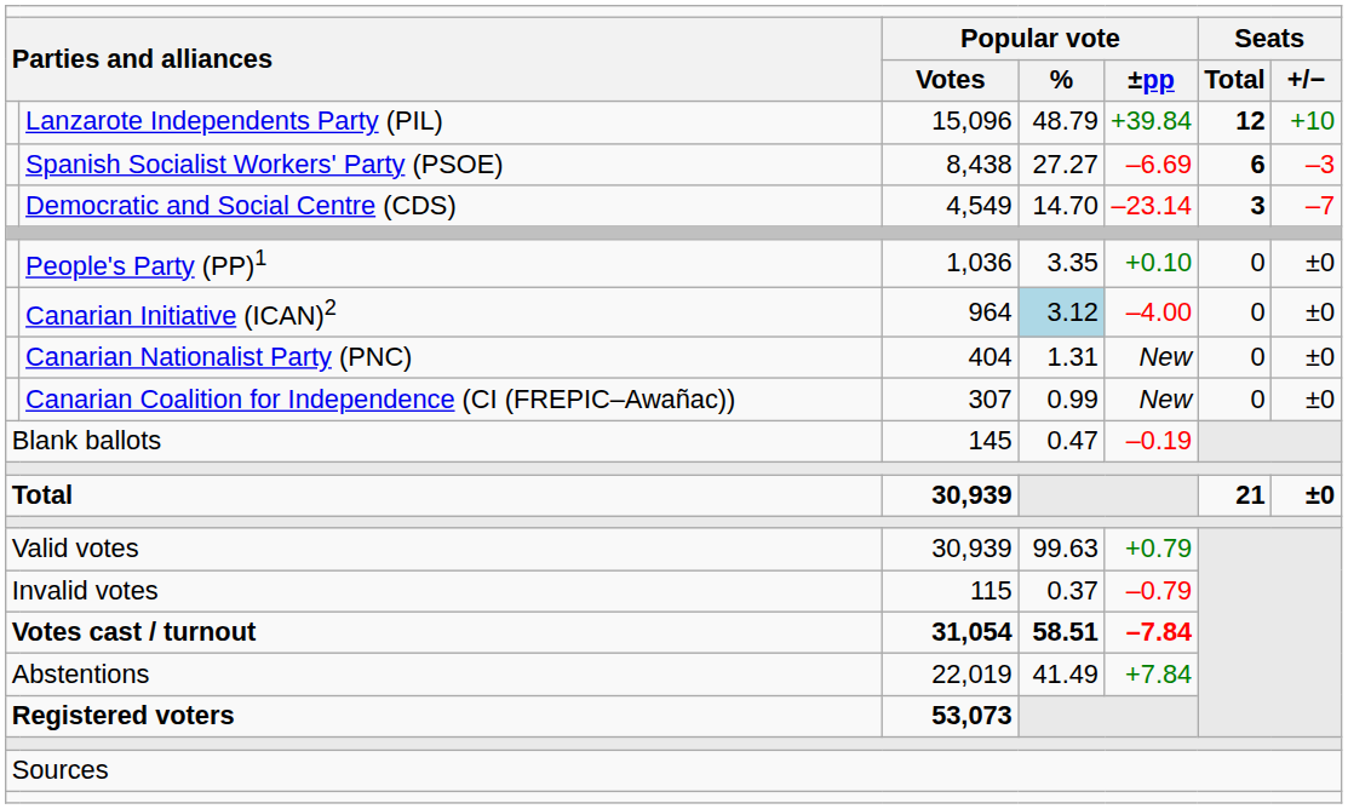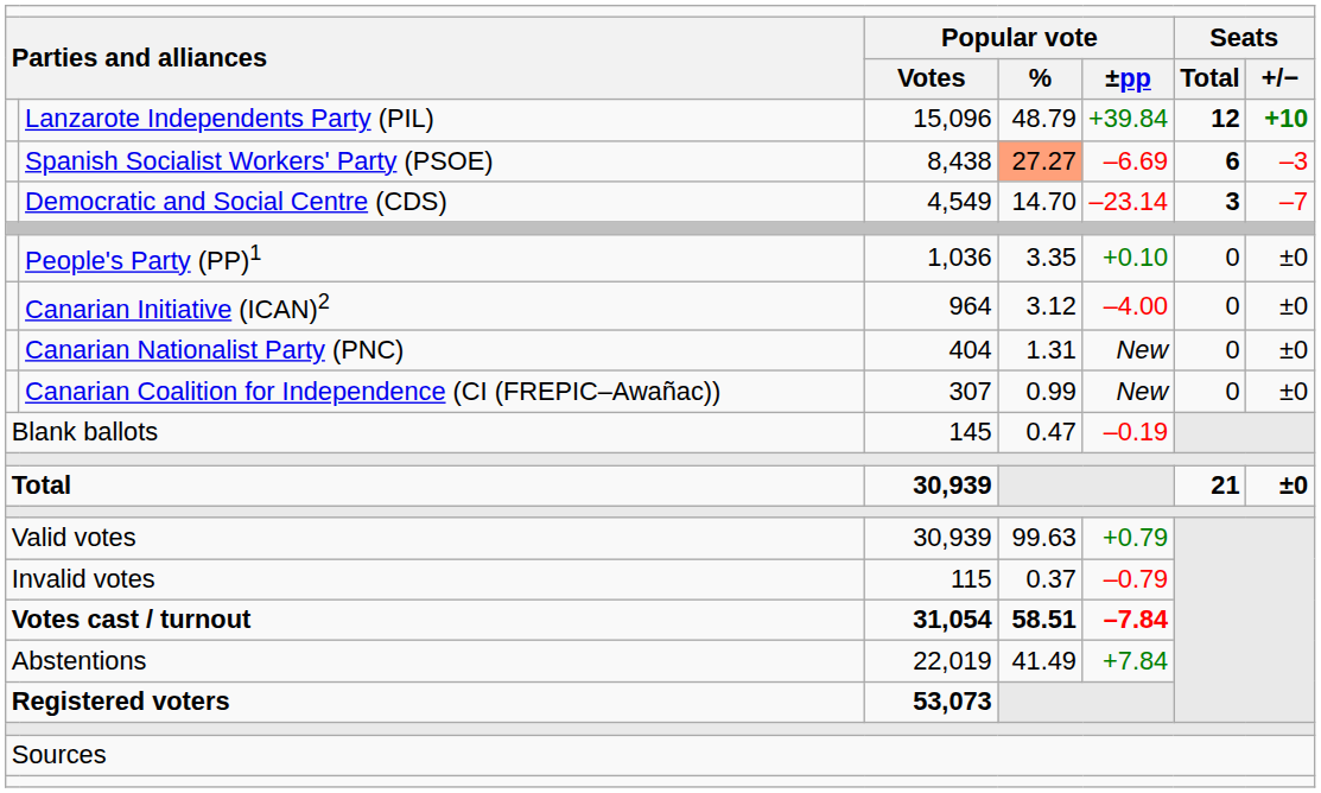 <table class="wikitable" style="text-align:right;">
 <tr>
 <td colspan="7"></td>
 </tr>
 <tr>
 <th style="text-align:left;" rowspan="2" colspan="2" width="525">Parties and alliances</th>
 <th colspan="3">Popular vote</th>
 <th colspan="2">Seats</th>
 </tr>
 <tr>
 <th width="75">Votes</th>
 <th width="45">%</th>
 <th width="45">±<a href='#'>pp</a></th>
 <th width="35">Total</th>
 <th width="35">+/−</th>
 </tr>
 <tr>
 <td width="1" style="color:inherit;background:"></td>
 <td align="left"><a href='#'>Lanzarote Independents Party</a> (PIL)</td>
 <td>15,096</td>
 <td>48.79</td>
 <td style="color:green;">+39.84</td>
 <td><strong>12</strong></td>
-<td style="color:green;">+10</td>
+<td style="color:green;"><strong>+10</strong></td>
 </tr>
 <tr>
 <td style="color:inherit;background:"></td>
 <td align="left"><a href='#'>Spanish Socialist Workers' Party</a> (PSOE)</td>
 <td>8,438</td>
-<td>27.27</td>
+<td style="background: lightsalmon;">27.27</td>
 <td style="color:red;">–6.69</td>
 <td><strong>6</strong></td>
 <td style="color:red;">–3</td>
 </tr>
 <tr>
 <td style="color:inherit;background:"></td>
 <td align="left"><a href='#'>Democratic and Social Centre</a> (CDS)</td>
 <td>4,549</td>
 <td>14.70</td>
 <td style="color:red;">–23.14</td>
 <td><strong>3</strong></td>
 <td style="color:red;">–7</td>
 </tr>
 <tr>
 <td colspan="7" bgcolor="#C0C0C0"></td>
 </tr>
 <tr>
 <td style="color:inherit;background:"></td>
 <td align="left"><a href='#'>People's Party</a> (PP)<sup>1</sup></td>
 <td>1,036</td>
 <td>3.35</td>
 <td style="color:green;">+0.10</td>
 <td>0</td>
 <td>±0</td>
 </tr>
 <tr>
 <td style="color:inherit;background:"></td>
 <td align="left"><a href='#'>Canarian Initiative</a> (ICAN)<sup>2</sup></td>
 <td>964</td>
-<td style="background: lightblue;">3.12</td>
+<td>3.12</td>
 <td style="color:red;">–4.00</td>
 <td>0</td>
 <td>±0</td>
 </tr>
 <tr>
 <td style="color:inherit;background:"></td>
 <td align="left"><a href='#'>Canarian Nationalist Party</a> (PNC)</td>
 <td>404</td>
 <td>1.31</td>
 <td><em>New</em></td>
 <td>0</td>
 <td>±0</td>
 </tr>
 <tr>
 <td style="color:inherit;background:"></td>
 <td align="left"><a href='#'>Canarian Coalition for Independence</a> (CI (FREPIC–Awañac))</td>
 <td>307</td>
 <td>0.99</td>
 <td><em>New</em></td>
 <td>0</td>
 <td>±0</td>
 </tr>
 <tr>
 <td align="left" colspan="2">Blank ballots</td>
 <td>145</td>
 <td>0.47</td>
 <td style="color:red;">–0.19</td>
 <td bgcolor="#E9E9E9" colspan="2"></td>
 </tr>
 <tr>
 <td colspan="7" bgcolor="#E9E9E9"></td>
 </tr>
 <tr style="font-weight:bold;">
 <td align="left" colspan="2">Total</td>
 <td>30,939</td>
 <td bgcolor="#E9E9E9" colspan="2"></td>
 <td>21</td>
 <td>±0</td>
 </tr>
 <tr>
 <td colspan="7" bgcolor="#E9E9E9"></td>
 </tr>
 <tr>
 <td align="left" colspan="2">Valid votes</td>
 <td>30,939</td>
 <td>99.63</td>
 <td style="color:green;">+0.79</td>
 <td bgcolor="#E9E9E9" colspan="2" rowspan="5"></td>
 </tr>
 <tr>
 <td align="left" colspan="2">Invalid votes</td>
 <td>115</td>
 <td>0.37</td>
 <td style="color:red;">–0.79</td>
 </tr>
 <tr style="font-weight:bold;">
 <td align="left" colspan="2">Votes cast / turnout</td>
 <td>31,054</td>
 <td>58.51</td>
 <td style="color:red;">–7.84</td>
 </tr>
 <tr>
 <td align="left" colspan="2">Abstentions</td>
 <td>22,019</td>
 <td>41.49</td>
 <td style="color:green;">+7.84</td>
 </tr>
 <tr style="font-weight:bold;">
 <td align="left" colspan="2">Registered voters</td>
 <td>53,073</td>
 <td bgcolor="#E9E9E9" colspan="2"></td>
 </tr>
 <tr>
 <td colspan="7" bgcolor="#E9E9E9"></td>
 </tr>
 <tr>
 <td align="left" colspan="7">Sources</td>
 </tr>
 <tr>
 <td colspan="7" style="text-align:left; max-width:790px;"></td>
 </tr>
 </table>
